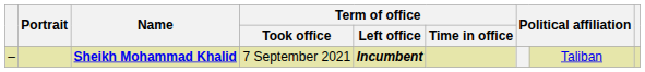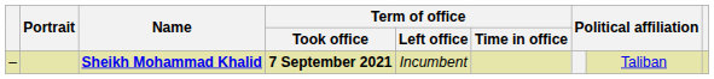 <table class="wikitable" style="text-align:center">
 <tr>
 <th rowspan=2></th>
 <th rowspan=2>Portrait</th>
 <th rowspan=2>Name<br></th>
 <th colspan=3>Term of office</th>
 <th colspan=2 rowspan=2>Political affiliation</th>
 <th rowspan=2></th>
 </tr>
 <tr>
 <th>Took office</th>
 <th>Left office</th>
 <th>Time in office</th>
 </tr>
 <tr style="background:#e6e6aa;">
 <td>–</td>
 <td></td>
 <td><strong><a href='#'>Sheikh Mohammad Khalid</a></strong><br></td>
-<td>7 September 2021</td>
-<td><strong><em>Incumbent</em></strong></td>
+<td><strong>7 September 2021</strong></td>
+<td><em>Incumbent</em></td>
 <td></td>
 <th style="background:"></th>
 <td><a href='#'>Taliban</a></td>
 <td></td>
 </tr>
 </table>
